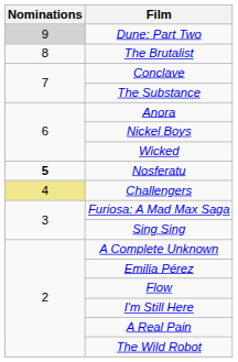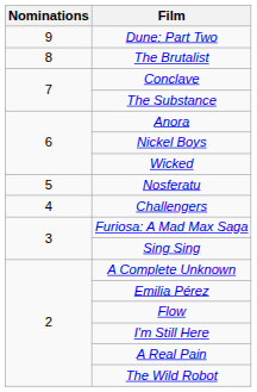 <table class="wikitable plainrowheaders" style="text-align:center;">
 <tr>
 <th scope="col" style="width: 55px;">Nominations</th>
 <th scope="col" style="text-align:center;">Film</th>
 </tr>
 <tr>
-<td scope=row style="background: lightgrey; text-align:center">9</td>
+<td scope=row style="text-align:center">9</td>
 <td><em><a href='#'>Dune: Part Two</a></em></td>
 </tr>
 <tr>
 <td scope=row style="text-align:center">8</td>
 <td><em><a href='#'>The Brutalist</a></em></td>
 </tr>
 <tr>
 <td scope=row style="text-align:center" rowspan="2">7</td>
 <td><em><a href='#'>Conclave</a></em></td>
 </tr>
 <tr>
 <td><em><a href='#'>The Substance</a></em></td>
 </tr>
 <tr>
 <td scope=row style="text-align:center" rowspan="3">6</td>
 <td><em><a href='#'>Anora</a></em></td>
 </tr>
 <tr>
 <td><em><a href='#'>Nickel Boys</a></em></td>
 </tr>
 <tr>
 <td><em><a href='#'>Wicked</a></em></td>
 </tr>
 <tr>
-<td scope=row style="text-align:center"><strong>5</strong></td>
+<td scope=row style="text-align:center">5</td>
 <td><em><a href='#'>Nosferatu</a></em></td>
 </tr>
 <tr>
-<td scope=row style="background: khaki; text-align:center">4</td>
+<td scope=row style="text-align:center">4</td>
 <td><em><a href='#'>Challengers</a></em></td>
 </tr>
 <tr>
 <td scope=row style="text-align:center" rowspan="2">3</td>
 <td><em><a href='#'>Furiosa: A Mad Max Saga</a></em></td>
 </tr>
 <tr>
 <td><em><a href='#'>Sing Sing</a></em></td>
 </tr>
 <tr>
 <td scope=row style="text-align:center" rowspan="6">2</td>
 <td><em><a href='#'>A Complete Unknown</a></em></td>
 </tr>
 <tr>
 <td><em><a href='#'>Emilia Pérez</a></em></td>
 </tr>
 <tr>
 <td><em><a href='#'>Flow</a></em></td>
 </tr>
 <tr>
 <td><em><a href='#'>I'm Still Here</a></em></td>
 </tr>
 <tr>
 <td><em><a href='#'>A Real Pain</a></em></td>
 </tr>
 <tr>
 <td><em><a href='#'>The Wild Robot</a></em></td>
 </tr>
 </table>
